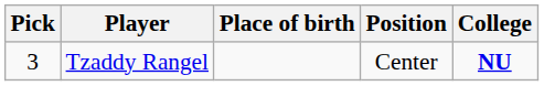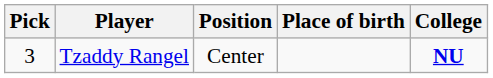 <table class="wikitable sortable sortable" style="text-align: center">
 <tr>
 <th>Pick</th>
 <th>Player</th>
+<th>Position</th>
 <th>Place of birth</th>
-<th>Position</th>
 <th>College</th>
 </tr>
 <tr>
 <td>3</td>
 <td><a href='#'>Tzaddy Rangel</a></td>
+<td>Center</td>
 <td></td>
-<td>Center</td>
 <td><strong><a href='#'>NU</a></strong></td>
 </tr>
 </table>
